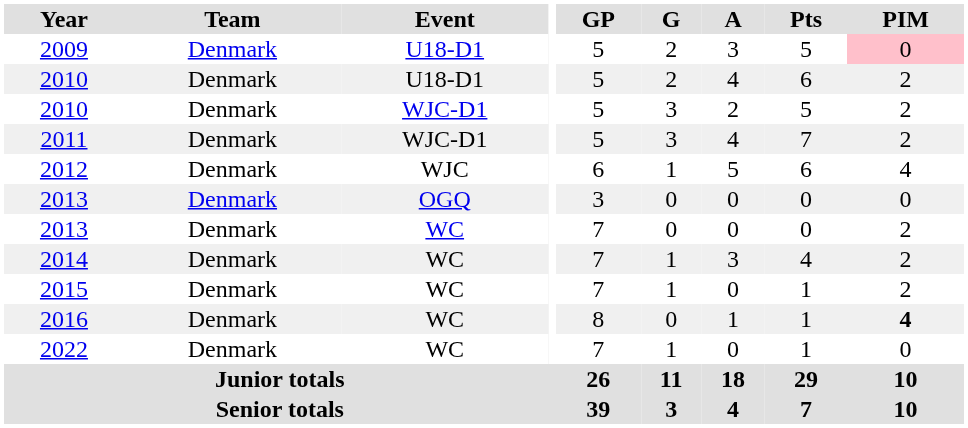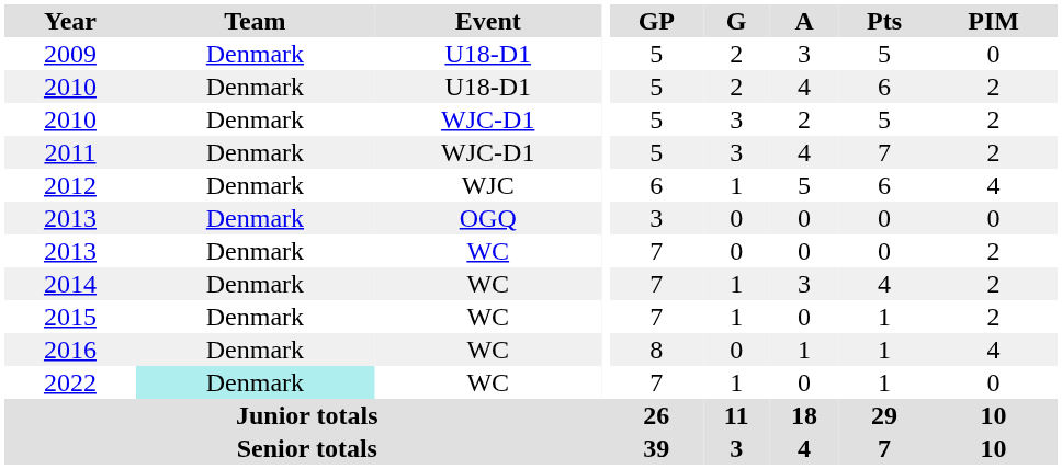 <table border="0" cellpadding="1" cellspacing="0" ID="Table3" style="text-align:center; width:40em">
 <tr ALIGN="center" bgcolor="#e0e0e0">
 <th>Year</th>
 <th>Team</th>
 <th>Event</th>
 <th rowspan="99" bgcolor="#ffffff"></th>
 <th>GP</th>
 <th>G</th>
 <th>A</th>
 <th>Pts</th>
 <th>PIM</th>
 </tr>
 <tr>
 <td><a href='#'>2009</a></td>
 <td><a href='#'>Denmark</a></td>
 <td><a href='#'>U18-D1</a></td>
 <td>5</td>
 <td>2</td>
 <td>3</td>
 <td>5</td>
-<td style="background: pink;">0</td>
+<td>0</td>
 </tr>
 <tr bgcolor="#f0f0f0">
 <td><a href='#'>2010</a></td>
 <td>Denmark</td>
 <td>U18-D1</td>
 <td>5</td>
 <td>2</td>
 <td>4</td>
 <td>6</td>
 <td>2</td>
 </tr>
 <tr>
 <td><a href='#'>2010</a></td>
 <td>Denmark</td>
 <td><a href='#'>WJC-D1</a></td>
 <td>5</td>
 <td>3</td>
 <td>2</td>
 <td>5</td>
 <td>2</td>
 </tr>
 <tr bgcolor="#f0f0f0">
 <td><a href='#'>2011</a></td>
 <td>Denmark</td>
 <td>WJC-D1</td>
 <td>5</td>
 <td>3</td>
 <td>4</td>
 <td>7</td>
 <td>2</td>
 </tr>
 <tr>
 <td><a href='#'>2012</a></td>
 <td>Denmark</td>
 <td>WJC</td>
 <td>6</td>
 <td>1</td>
 <td>5</td>
 <td>6</td>
 <td>4</td>
 </tr>
 <tr bgcolor="#f0f0f0">
 <td><a href='#'>2013</a></td>
 <td><a href='#'>Denmark</a></td>
 <td><a href='#'>OGQ</a></td>
 <td>3</td>
 <td>0</td>
 <td>0</td>
 <td>0</td>
 <td>0</td>
 </tr>
 <tr>
 <td><a href='#'>2013</a></td>
 <td>Denmark</td>
 <td><a href='#'>WC</a></td>
 <td>7</td>
 <td>0</td>
 <td>0</td>
 <td>0</td>
 <td>2</td>
 </tr>
 <tr bgcolor="#f0f0f0">
 <td><a href='#'>2014</a></td>
 <td>Denmark</td>
 <td>WC</td>
 <td>7</td>
 <td>1</td>
 <td>3</td>
 <td>4</td>
 <td>2</td>
 </tr>
 <tr>
 <td><a href='#'>2015</a></td>
 <td>Denmark</td>
 <td>WC</td>
 <td>7</td>
 <td>1</td>
 <td>0</td>
 <td>1</td>
 <td>2</td>
 </tr>
 <tr bgcolor="#f0f0f0">
 <td><a href='#'>2016</a></td>
 <td>Denmark</td>
 <td>WC</td>
 <td>8</td>
 <td>0</td>
 <td>1</td>
 <td>1</td>
-<td><strong>4</strong></td>
+<td>4</td>
 </tr>
 <tr>
 <td><a href='#'>2022</a></td>
-<td>Denmark</td>
+<td style="background: paleturquoise;">Denmark</td>
 <td>WC</td>
 <td>7</td>
 <td>1</td>
 <td>0</td>
 <td>1</td>
 <td>0</td>
 </tr>
 <tr bgcolor="#e0e0e0">
 <th colspan="4">Junior totals</th>
 <th>26</th>
 <th>11</th>
 <th>18</th>
 <th>29</th>
 <th>10</th>
 </tr>
 <tr bgcolor="#e0e0e0">
 <th colspan="4">Senior totals</th>
 <th>39</th>
 <th>3</th>
 <th>4</th>
 <th>7</th>
 <th>10</th>
 </tr>
 </table>
